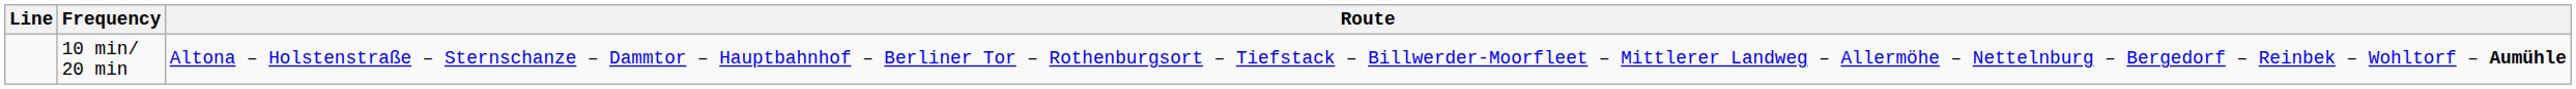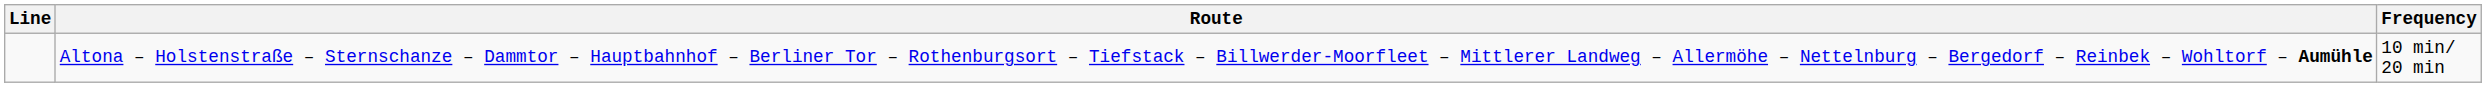 <table class="wikitable">
 <tr>
 <th>Line</th>
+<th>Route</th>
 <th>Frequency</th>
-<th>Route</th>
 </tr>
 <tr>
 <td></td>
+<td><a href='#'>Altona</a> – <a href='#'>Holstenstraße</a> – <a href='#'>Sternschanze</a> – <a href='#'>Dammtor</a> – <a href='#'>Hauptbahnhof</a> – <a href='#'>Berliner Tor</a> – <a href='#'>Rothenburgsort</a> – <a href='#'>Tiefstack</a> – <a href='#'>Billwerder-Moorfleet</a> – <a href='#'>Mittlerer Landweg</a> – <a href='#'>Allermöhe</a> – <a href='#'>Nettelnburg</a> – <a href='#'>Bergedorf</a> – <a href='#'>Reinbek</a> – <a href='#'>Wohltorf</a> – <strong>Aumühle</strong></td>
 <td>10 min/<br>20 min</td>
-<td><a href='#'>Altona</a> – <a href='#'>Holstenstraße</a> – <a href='#'>Sternschanze</a> – <a href='#'>Dammtor</a> – <a href='#'>Hauptbahnhof</a> – <a href='#'>Berliner Tor</a> – <a href='#'>Rothenburgsort</a> – <a href='#'>Tiefstack</a> – <a href='#'>Billwerder-Moorfleet</a> – <a href='#'>Mittlerer Landweg</a> – <a href='#'>Allermöhe</a> – <a href='#'>Nettelnburg</a> – <a href='#'>Bergedorf</a> – <a href='#'>Reinbek</a> – <a href='#'>Wohltorf</a> – <strong>Aumühle</strong></td>
 </tr>
 </table>
